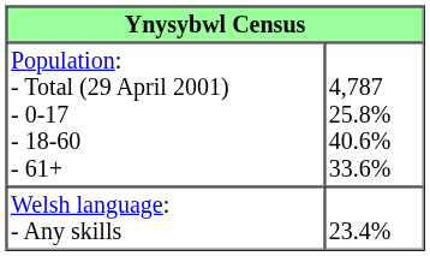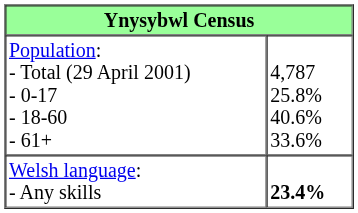 <table border="1" cellpadding="2" cellspacing="0"  style="float:right; width:280px;">
 <tr>
 <th colspan="2" style="background:#9f9;">Ynysybwl Census</th>
 </tr>
 <tr>
 <td><a href='#'>Population</a>:<br>- Total (29 April 2001)<br>- 0-17<br>- 18-60<br>- 61+</td>
 <td><br>4,787<br>25.8%<br>40.6%<br>33.6%</td>
 </tr>
 <tr>
 <td><a href='#'>Welsh language</a>:<br>- Any skills</td>
-<td><br>23.4%</td>
+<td><strong><br>23.4%</strong></td>
 </tr>
 </table>
